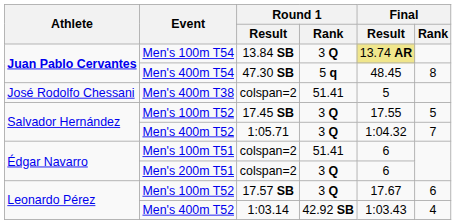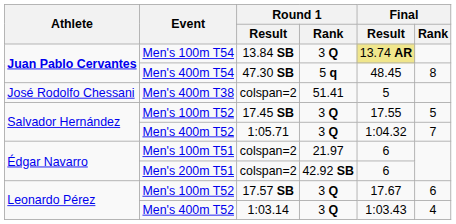 <table class="wikitable" style="font-size:90%; text-align:center">
 <tr>
 <th rowspan="2">Athlete</th>
 <th rowspan="2">Event</th>
 <th colspan="2">Round 1</th>
 <th colspan="2">Final</th>
 </tr>
 <tr>
 <th>Result</th>
 <th>Rank</th>
 <th>Result</th>
 <th>Rank</th>
 </tr>
 <tr align=center>
 <td align=left rowspan="2"><strong><a href='#'>Juan Pablo Cervantes</a></strong></td>
 <td align=left><a href='#'>Men's 100m T54</a></td>
 <td>13.84 <strong>SB</strong></td>
 <td>3 <strong>Q</strong></td>
 <td style="background: khaki;">13.74 <strong>AR</strong></td>
 <td></td>
 </tr>
 <tr align=center>
 <td align=left><a href='#'>Men's 400m T54</a></td>
 <td>47.30 <strong>SB</strong></td>
 <td>5 <strong>q</strong></td>
 <td>48.45</td>
 <td>8</td>
 </tr>
 <tr align=center>
 <td align=left><a href='#'>José Rodolfo Chessani</a></td>
 <td align=left><a href='#'>Men's 400m T38</a></td>
 <td>colspan=2</td>
 <td>51.41</td>
 <td>5</td>
 </tr>
 <tr align=center>
 <td align=left rowspan="2"><a href='#'>Salvador Hernández</a></td>
 <td align=left><a href='#'>Men's 100m T52</a></td>
 <td>17.45 <strong>SB</strong></td>
 <td>3 <strong>Q</strong></td>
 <td>17.55</td>
 <td>5</td>
 </tr>
 <tr align=center>
 <td align=left><a href='#'>Men's 400m T52</a></td>
 <td>1:05.71</td>
 <td>3 <strong>Q</strong></td>
 <td>1:04.32</td>
 <td>7</td>
 </tr>
 <tr align=center>
 <td align=left rowspan="2"><a href='#'>Édgar Navarro</a></td>
 <td align=left><a href='#'>Men's 100m T51</a></td>
 <td>colspan=2</td>
-<td>51.41</td>
+<td>21.97</td>
 <td>6</td>
 </tr>
 <tr align=center>
 <td align=left><a href='#'>Men's 200m T51</a></td>
 <td>colspan=2</td>
-<td>3 <strong>Q</strong></td>
+<td>42.92 <strong>SB</strong></td>
 <td>6</td>
 </tr>
 <tr align=center>
 <td align=left rowspan="2"><a href='#'>Leonardo Pérez</a></td>
 <td align=left><a href='#'>Men's 100m T52</a></td>
 <td>17.57 <strong>SB</strong></td>
 <td>3 <strong>Q</strong></td>
 <td>17.67</td>
 <td>6</td>
 </tr>
 <tr align=center>
 <td align=left><a href='#'>Men's 400m T52</a></td>
 <td>1:03.14</td>
-<td>42.92 <strong>SB</strong></td>
+<td>3 <strong>Q</strong></td>
 <td>1:03.43</td>
 <td>4</td>
 </tr>
 </table>
